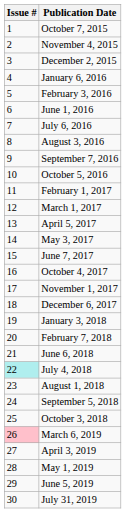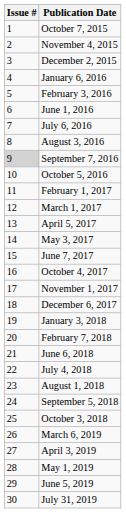 <table class="wikitable mw-collapsible mw-collapsed">
 <tr>
 <th>Issue #</th>
 <th>Publication Date</th>
 </tr>
 <tr>
 <td>1</td>
 <td>October 7, 2015</td>
 </tr>
 <tr>
 <td>2</td>
 <td>November 4, 2015</td>
 </tr>
 <tr>
 <td>3</td>
 <td>December 2, 2015</td>
 </tr>
 <tr>
 <td>4</td>
 <td>January 6, 2016</td>
 </tr>
 <tr>
 <td>5</td>
 <td>February 3, 2016</td>
 </tr>
 <tr>
 <td>6</td>
 <td>June 1, 2016</td>
 </tr>
 <tr>
 <td>7</td>
 <td>July 6, 2016</td>
 </tr>
 <tr>
 <td>8</td>
 <td>August 3, 2016</td>
 </tr>
 <tr>
-<td>9</td>
+<td style="background: lightgrey;">9</td>
 <td>September 7, 2016</td>
 </tr>
 <tr>
 <td>10</td>
 <td>October 5, 2016</td>
 </tr>
 <tr>
 <td>11</td>
 <td>February 1, 2017</td>
 </tr>
 <tr>
 <td>12</td>
 <td>March 1, 2017</td>
 </tr>
 <tr>
 <td>13</td>
 <td>April 5, 2017</td>
 </tr>
 <tr>
 <td>14</td>
 <td>May 3, 2017</td>
 </tr>
 <tr>
 <td>15</td>
 <td>June 7, 2017</td>
 </tr>
 <tr>
 <td>16</td>
 <td>October 4, 2017</td>
 </tr>
 <tr>
 <td>17</td>
 <td>November 1, 2017</td>
 </tr>
 <tr>
 <td>18</td>
 <td>December 6, 2017</td>
 </tr>
 <tr>
 <td>19</td>
 <td>January 3, 2018</td>
 </tr>
 <tr>
 <td>20</td>
 <td>February 7, 2018</td>
 </tr>
 <tr>
 <td>21</td>
 <td>June 6, 2018</td>
 </tr>
 <tr>
-<td style="background: paleturquoise;">22</td>
+<td>22</td>
 <td>July 4, 2018</td>
 </tr>
 <tr>
 <td>23</td>
 <td>August 1, 2018</td>
 </tr>
 <tr>
 <td>24</td>
 <td>September 5, 2018</td>
 </tr>
 <tr>
 <td>25</td>
 <td>October 3, 2018</td>
 </tr>
 <tr>
-<td style="background: pink;">26</td>
+<td>26</td>
 <td>March 6, 2019</td>
 </tr>
 <tr>
 <td>27</td>
 <td>April 3, 2019</td>
 </tr>
 <tr>
 <td>28</td>
 <td>May 1, 2019</td>
 </tr>
 <tr>
 <td>29</td>
 <td>June 5, 2019</td>
 </tr>
 <tr>
 <td>30</td>
 <td>July 31, 2019</td>
 </tr>
 </table>
